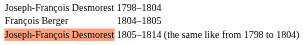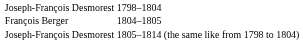 <table>
 <tr>
 <td>Joseph-François Desmorest</td>
 <td>1798–1804</td>
 </tr>
 <tr>
 <td>François Berger</td>
 <td>1804–1805</td>
 </tr>
 <tr>
-<td style="background: lightsalmon;">Joseph-François Desmorest</td>
+<td>Joseph-François Desmorest</td>
 <td>1805–1814 (the same like from 1798 to 1804)</td>
 </tr>
 <tr>
 </tr>
 </table>
